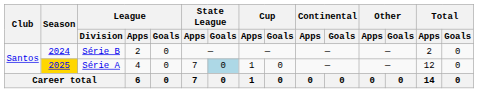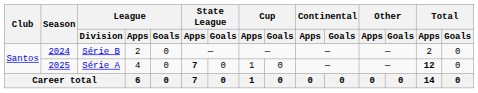 <table class="wikitable" style="text-align: center">
 <tr>
 <th rowspan="2">Club</th>
 <th rowspan="2">Season</th>
 <th colspan="3">League</th>
 <th colspan="2">State League</th>
 <th colspan="2">Cup</th>
 <th colspan="2">Continental</th>
 <th colspan="2">Other</th>
 <th colspan="2">Total</th>
 </tr>
 <tr>
 <th>Division</th>
 <th>Apps</th>
 <th>Goals</th>
 <th>Apps</th>
 <th>Goals</th>
 <th>Apps</th>
 <th>Goals</th>
 <th>Apps</th>
 <th>Goals</th>
 <th>Apps</th>
 <th>Goals</th>
 <th>Apps</th>
 <th>Goals</th>
 </tr>
 <tr>
 <td rowspan="2"><a href='#'>Santos</a></td>
 <td><a href='#'>2024</a></td>
 <td><a href='#'>Série B</a></td>
 <td>2</td>
 <td>0</td>
 <td colspan="2">—</td>
 <td colspan="2">—</td>
 <td colspan="2">—</td>
 <td colspan="2">—</td>
 <td>2</td>
 <td>0</td>
 </tr>
 <tr>
-<td style="background: gold;"><a href='#'>2025</a></td>
+<td><a href='#'>2025</a></td>
 <td><a href='#'>Série A</a></td>
 <td>4</td>
 <td>0</td>
-<td>7</td>
-<td style="background: lightblue;">0</td>
+<td><strong>7</strong></td>
+<td>0</td>
 <td>1</td>
 <td>0</td>
 <td colspan="2">—</td>
 <td colspan="2">—</td>
-<td>12</td>
+<td><strong>12</strong></td>
 <td>0</td>
 </tr>
 <tr>
 <th colspan="3"><strong>Career total</strong></th>
 <th>6</th>
 <th>0</th>
 <th>7</th>
 <th>0</th>
 <th>1</th>
 <th>0</th>
 <th>0</th>
 <th>0</th>
 <th>0</th>
 <th>0</th>
 <th>14</th>
 <th>0</th>
 </tr>
 </table>
